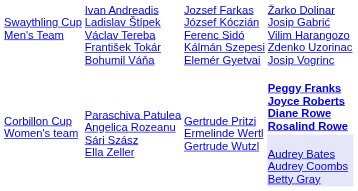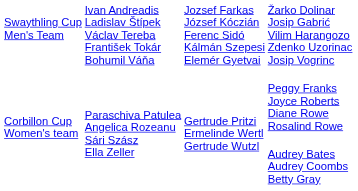 <table>
 <tr>
 <td><a href='#'>Swaythling Cup<br>Men's Team</a></td>
 <td><br><a href='#'>Ivan Andreadis</a><br><a href='#'>Ladislav Štípek</a><br><a href='#'>Václav Tereba</a><br><a href='#'>František Tokár</a><br><a href='#'>Bohumil Váňa</a></td>
 <td><br><a href='#'>Jozsef Farkas</a><br><a href='#'>József Kóczián</a><br><a href='#'>Ferenc Sidó</a><br><a href='#'>Kálmán Szepesi</a><br><a href='#'>Elemér Gyetvai</a></td>
 <td><br><a href='#'>Žarko Dolinar</a><br><a href='#'>Josip Gabrić</a><br><a href='#'>Vilim Harangozo</a><br><a href='#'>Zdenko Uzorinac</a><br><a href='#'>Josip Vogrinc</a></td>
 </tr>
 <tr>
 <td rowspan=2><a href='#'>Corbillon Cup<br>Women's team</a></td>
 <td rowspan=2><br><a href='#'>Paraschiva Patulea</a><br><a href='#'>Angelica Rozeanu</a><br><a href='#'>Sári Szász</a><br><a href='#'>Ella Zeller</a></td>
 <td rowspan=2><br><a href='#'>Gertrude Pritzi</a><br><a href='#'>Ermelinde Wertl</a><br><a href='#'>Gertrude Wutzl</a></td>
-<td><strong><br><a href='#'>Peggy Franks</a><br><a href='#'>Joyce Roberts</a><br><a href='#'>Diane Rowe</a><br><a href='#'>Rosalind Rowe</a></strong></td>
+<td><br><a href='#'>Peggy Franks</a><br><a href='#'>Joyce Roberts</a><br><a href='#'>Diane Rowe</a><br><a href='#'>Rosalind Rowe</a></td>
 </tr>
 <tr>
-<td style="background: lavender;"><br><a href='#'>Audrey Bates</a><br><a href='#'>Audrey Coombs</a><br><a href='#'>Betty Gray</a></td>
+<td><br><a href='#'>Audrey Bates</a><br><a href='#'>Audrey Coombs</a><br><a href='#'>Betty Gray</a></td>
 </tr>
 </table>
